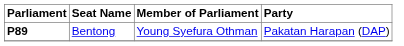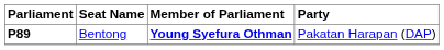 <table class="toccolours sortable" border="1" cellpadding="3" style="border-collapse:collapse; text-align: left;">
 <tr>
 <th align="center">Parliament</th>
 <th>Seat Name</th>
 <th>Member of Parliament</th>
 <th>Party</th>
 </tr>
 <tr>
 <th align="left">P89</th>
 <td><a href='#'>Bentong</a></td>
-<td><a href='#'>Young Syefura Othman</a></td>
+<td><strong><a href='#'>Young Syefura Othman</a></strong></td>
 <td><a href='#'>Pakatan Harapan</a> (<a href='#'>DAP</a>)</td>
 </tr>
 <tr>
 </tr>
 </table>
